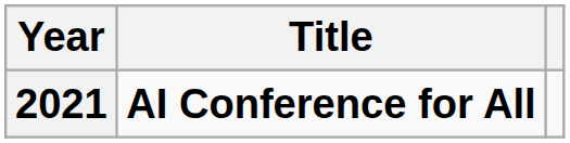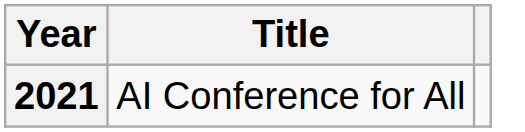 <table class="wikitable plainrowheaders">
 <tr>
 <th scope="col">Year</th>
 <th scope="col">Title</th>
 <th scope="col" class="unsortable"></th>
 </tr>
 <tr>
 <th scope="row">2021</th>
-<td><strong>AI Conference for All</strong></td>
+<td>AI Conference for All</td>
 <td></td>
 </tr>
 </table>
